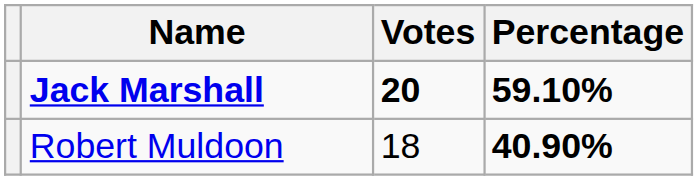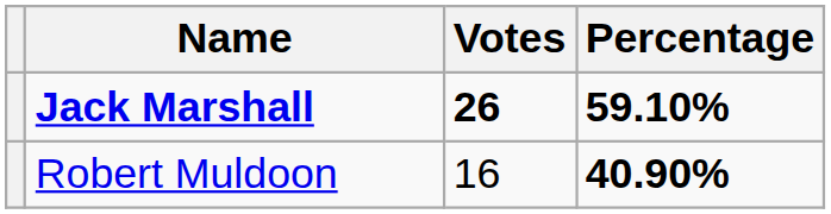 <table class="wikitable">
 <tr>
 <th></th>
 <th>Name</th>
 <th>Votes</th>
 <th>Percentage</th>
 </tr>
 <tr>
 <th style="background-color: "></th>
 <td width="150"><strong><a href='#'>Jack Marshall</a></strong></td>
-<td><strong>20</strong></td>
+<td><strong>26</strong></td>
 <td><strong>59.10%</strong></td>
 </tr>
 <tr>
 <th style="background-color: "></th>
 <td><a href='#'>Robert Muldoon</a></td>
-<td>18</td>
+<td>16</td>
 <td><strong>40.90%</strong></td>
 </tr>
 </table>
